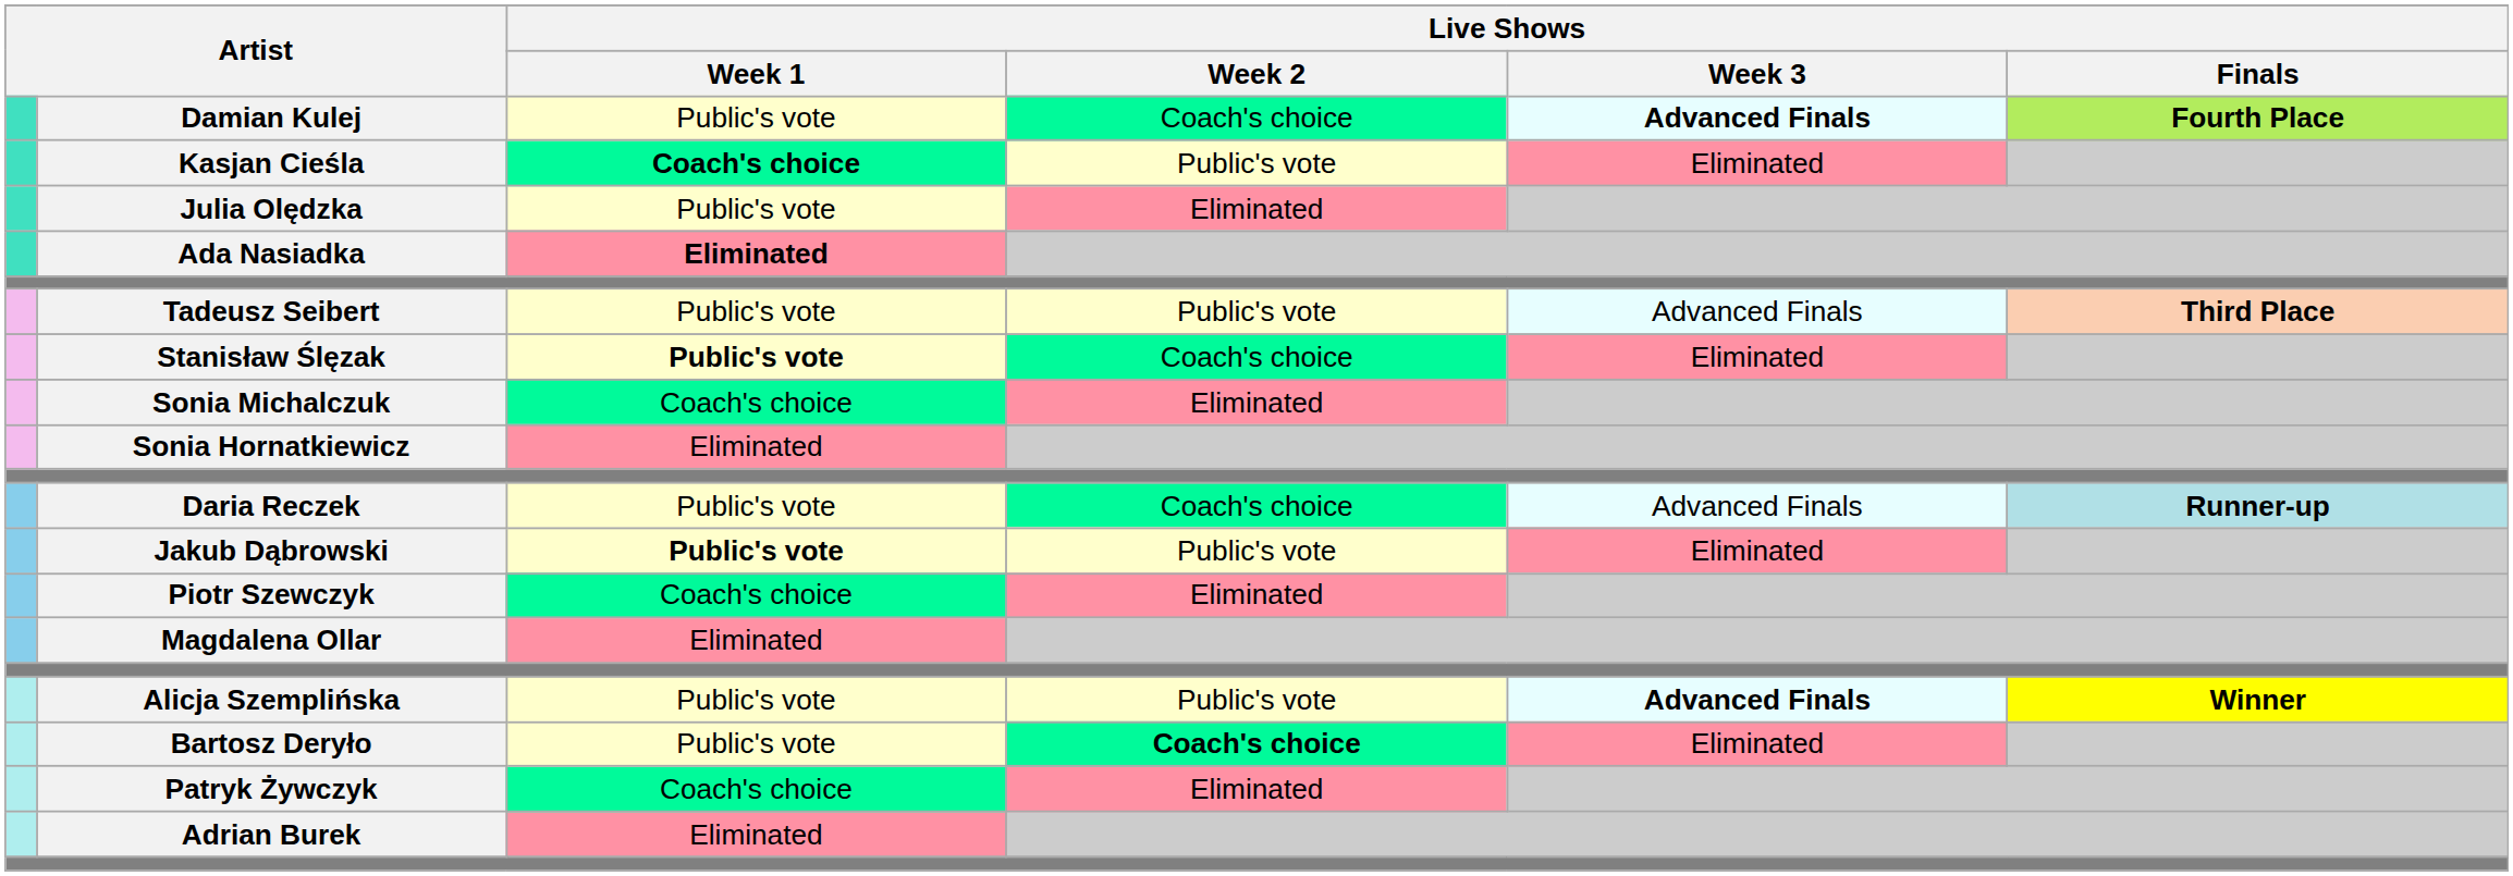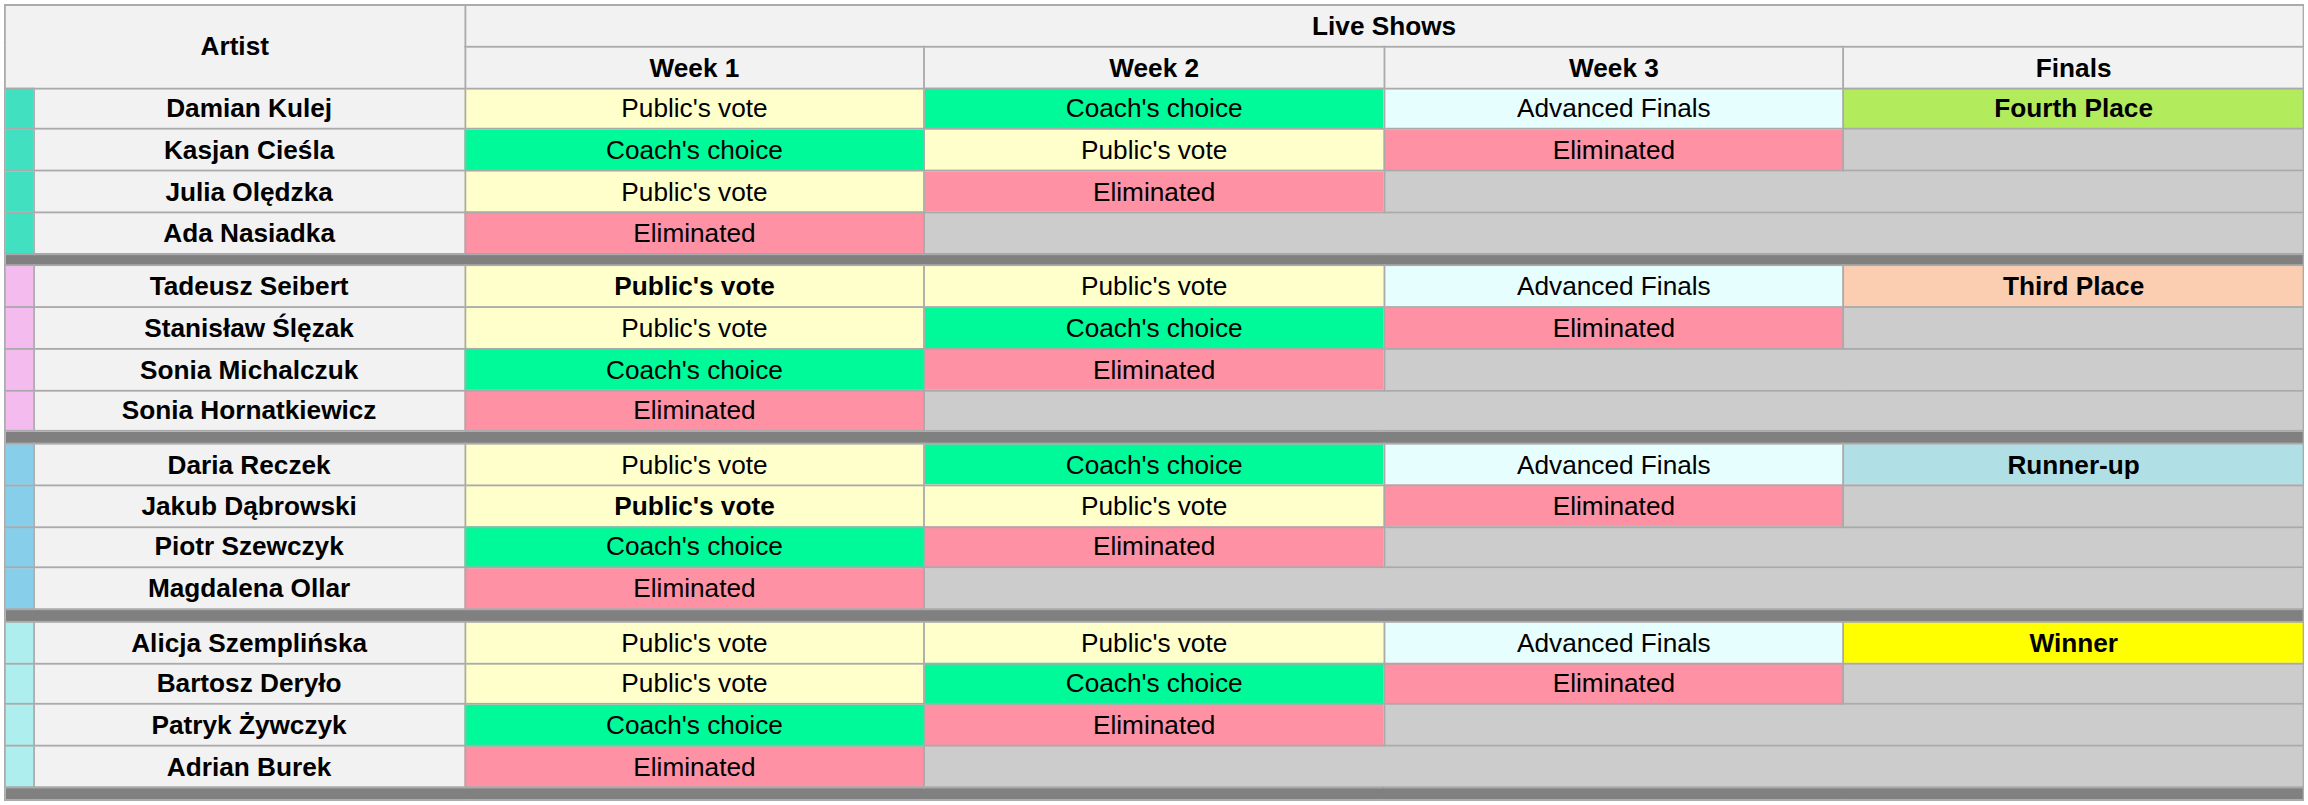 <table class="wikitable" style="font-size:90%; text-align:center; width:100%;">
 <tr>
 </tr>
 <tr>
 <th rowspan="2" colspan="2" width="16%">Artist</th>
 <th colspan="4" width="60%">Live Shows</th>
 </tr>
 <tr>
 <th width="16%">Week 1</th>
 <th width="16%">Week 2</th>
 <th width="16%">Week 3</th>
 <th width="16%">Finals</th>
 </tr>
 <tr>
 <th width="1%" style="background:#40e0c0"></th>
 <th width="15%">Damian Kulej</th>
 <td style="background:#FFFFCC">Public's vote</td>
 <td style="background:#00FA9A">Coach's choice</td>
-<td style="background:#E7FEFF"><strong>Advanced Finals</strong></td>
+<td style="background:#E7FEFF">Advanced Finals</td>
 <td style="background:#B2EC5D"><strong>Fourth Place</strong></td>
 </tr>
 <tr>
 <th width="1%" style="background:#40e0c0"></th>
 <th width="10%">Kasjan Cieśla</th>
-<td style="background:#00FA9A"><strong>Coach's choice</strong></td>
+<td style="background:#00FA9A">Coach's choice</td>
 <td style="background:#FFFFCC">Public's vote</td>
 <td style="background:#FF91A4">Eliminated</td>
 <td style="background:#ccc;"></td>
 </tr>
 <tr>
 <th width="1%" style="background:#40e0c0"></th>
 <th width="10%">Julia Olędzka</th>
 <td style="background:#FFFFCC">Public's vote</td>
 <td style="background:#FF91A4;">Eliminated</td>
 <td colspan="2" style="background:#ccc;"></td>
 </tr>
 <tr>
 <th width="1%" style="background:#40e0c0"></th>
 <th width="10%">Ada Nasiadka</th>
-<td style="background:#FF91A4;"><strong>Eliminated</strong></td>
+<td style="background:#FF91A4;">Eliminated</td>
 <td colspan="4" style="background:#ccc;"></td>
 </tr>
 <tr>
 <th colspan="6" style="background:grey;"></th>
 </tr>
 <tr>
 <th width="1%" style="background:#f4bbee"></th>
 <th width="10%">Tadeusz Seibert</th>
-<td style="background:#FFFFCC">Public's vote</td>
+<td style="background:#FFFFCC"><strong>Public's vote</strong></td>
 <td style="background:#FFFFCC">Public's vote</td>
 <td style="background:#E7FEFF">Advanced Finals</td>
 <td style="background:#FBCEB1"><strong>Third Place</strong></td>
 </tr>
 <tr>
 <th width="1%" style="background:#f4bbee"></th>
 <th width="10%">Stanisław Ślęzak</th>
-<td style="background:#FFFFCC"><strong>Public's vote</strong></td>
+<td style="background:#FFFFCC">Public's vote</td>
 <td style="background:#00FA9A">Coach's choice</td>
 <td style="background:#FF91A4">Eliminated</td>
 <td style="background:#ccc;"></td>
 </tr>
 <tr>
 <th width="1%" style="background:#f4bbee"></th>
 <th width="10%">Sonia Michalczuk</th>
 <td style="background:#00FA9A">Coach's choice</td>
 <td style="background:#FF91A4;">Eliminated</td>
 <td colspan="2" style="background:#ccc;"></td>
 </tr>
 <tr>
 <th width="1%" style="background:#f4bbee"></th>
 <th width="10%">Sonia Hornatkiewicz</th>
 <td style="background:#FF91A4;">Eliminated</td>
 <td colspan="4" style="background:#ccc;"></td>
 </tr>
 <tr>
 <th colspan="6" style="background:grey;"></th>
 </tr>
 <tr>
 <th width="1%" style="background:#87ceeb;"></th>
 <th width="10%">Daria Reczek</th>
 <td style="background:#FFFFCC">Public's vote</td>
 <td style="background:#00FA9A">Coach's choice</td>
 <td style="background:#E7FEFF">Advanced Finals</td>
 <td style="background:#B0E0E6"><strong>Runner-up</strong></td>
 </tr>
 <tr>
 <th width="1%" style="background:#87ceeb;"></th>
 <th width="10%">Jakub Dąbrowski</th>
 <td style="background:#FFFFCC"><strong>Public's vote</strong></td>
 <td style="background:#FFFFCC">Public's vote</td>
 <td style="background:#FF91A4">Eliminated</td>
 <td style="background:#ccc;"></td>
 </tr>
 <tr>
 <th width="1%" style="background:#87ceeb;"></th>
 <th width="10%">Piotr Szewczyk</th>
 <td style="background:#00FA9A">Coach's choice</td>
 <td style="background:#FF91A4;">Eliminated</td>
 <td colspan="2" style="background:#ccc;"></td>
 </tr>
 <tr>
 <th width="1%" style="background:#87ceeb;"></th>
 <th width="10%">Magdalena Ollar</th>
 <td style="background:#FF91A4;">Eliminated</td>
 <td colspan="4" style="background:#ccc;"></td>
 </tr>
 <tr>
 <th colspan="6" style="background:grey;"></th>
 </tr>
 <tr>
 <th width="1%" style="background:#afeeee;"></th>
 <th width="10%">Alicja Szemplińska</th>
 <td style="background:#FFFFCC">Public's vote</td>
 <td style="background:#FFFFCC">Public's vote</td>
-<td style="background:#E7FEFF"><strong>Advanced Finals</strong></td>
+<td style="background:#E7FEFF">Advanced Finals</td>
 <td style="background:Yellow"><strong>Winner</strong></td>
 </tr>
 <tr>
 <th width="1%" style="background:#afeeee;"></th>
 <th width="10%">Bartosz Deryło</th>
 <td style="background:#FFFFCC">Public's vote</td>
-<td style="background:#00FA9A"><strong>Coach's choice</strong></td>
+<td style="background:#00FA9A">Coach's choice</td>
 <td style="background:#FF91A4">Eliminated</td>
 <td style="background:#ccc;"></td>
 </tr>
 <tr>
 <th width="1%" style="background:#afeeee;"></th>
 <th width="10%">Patryk Żywczyk</th>
 <td style="background:#00FA9A">Coach's choice</td>
 <td style="background:#FF91A4;">Eliminated</td>
 <td colspan="2" style="background:#ccc;"></td>
 </tr>
 <tr>
 <th width="1%" style="background:#afeeee;"></th>
 <th width="10%">Adrian Burek</th>
 <td style="background:#FF91A4;">Eliminated</td>
 <td colspan="4" style="background:#ccc;"></td>
 </tr>
 <tr>
 <th colspan="6" style="background:grey;"></th>
 </tr>
 <tr>
 </tr>
 </table>
